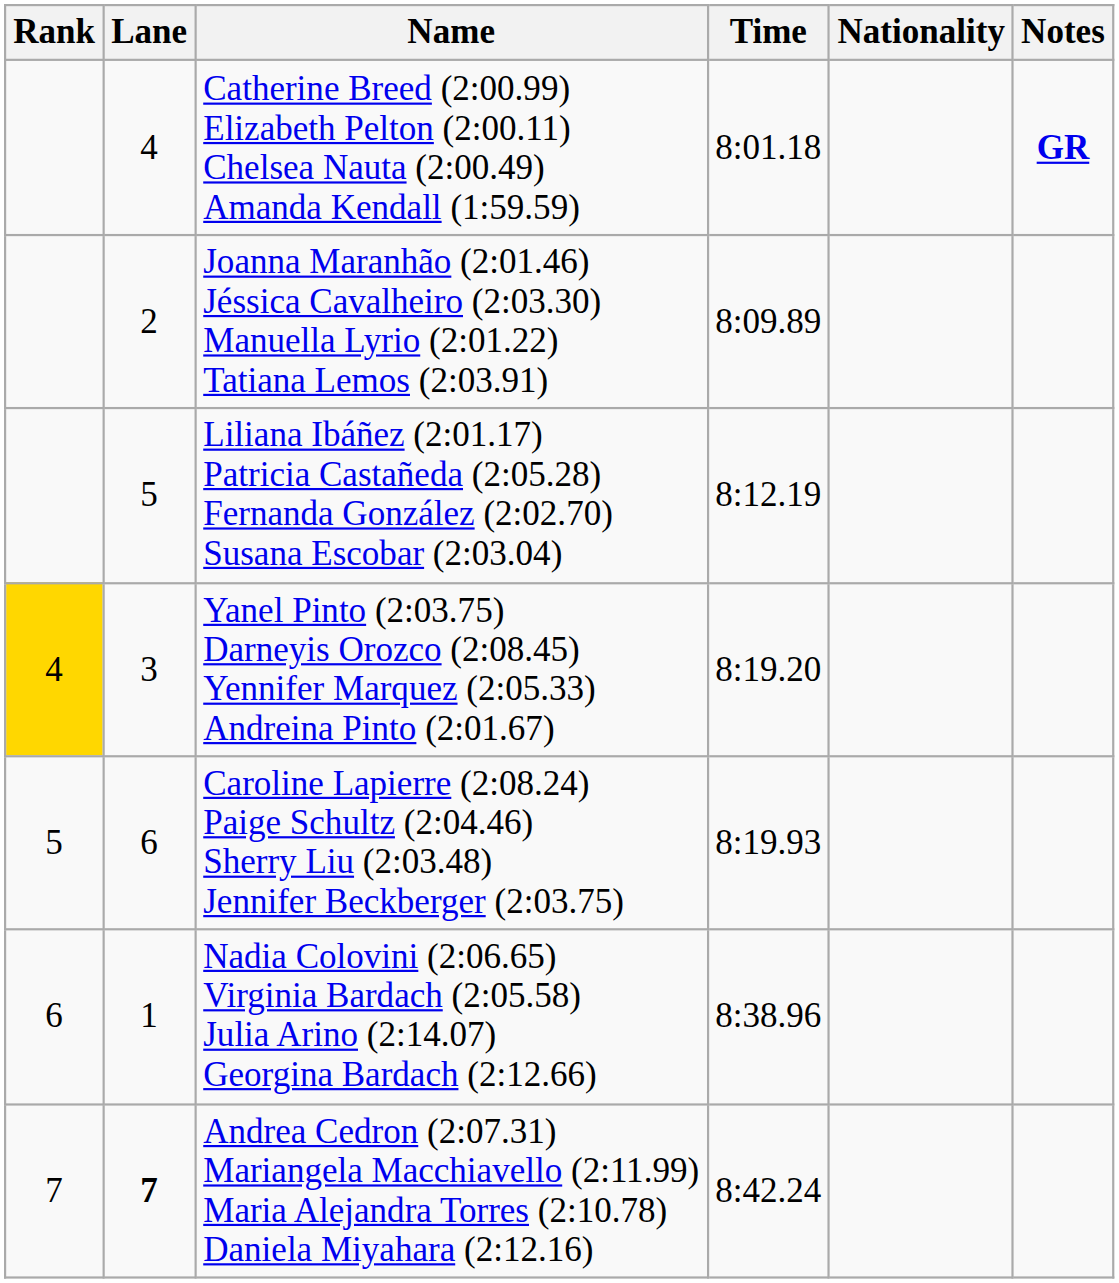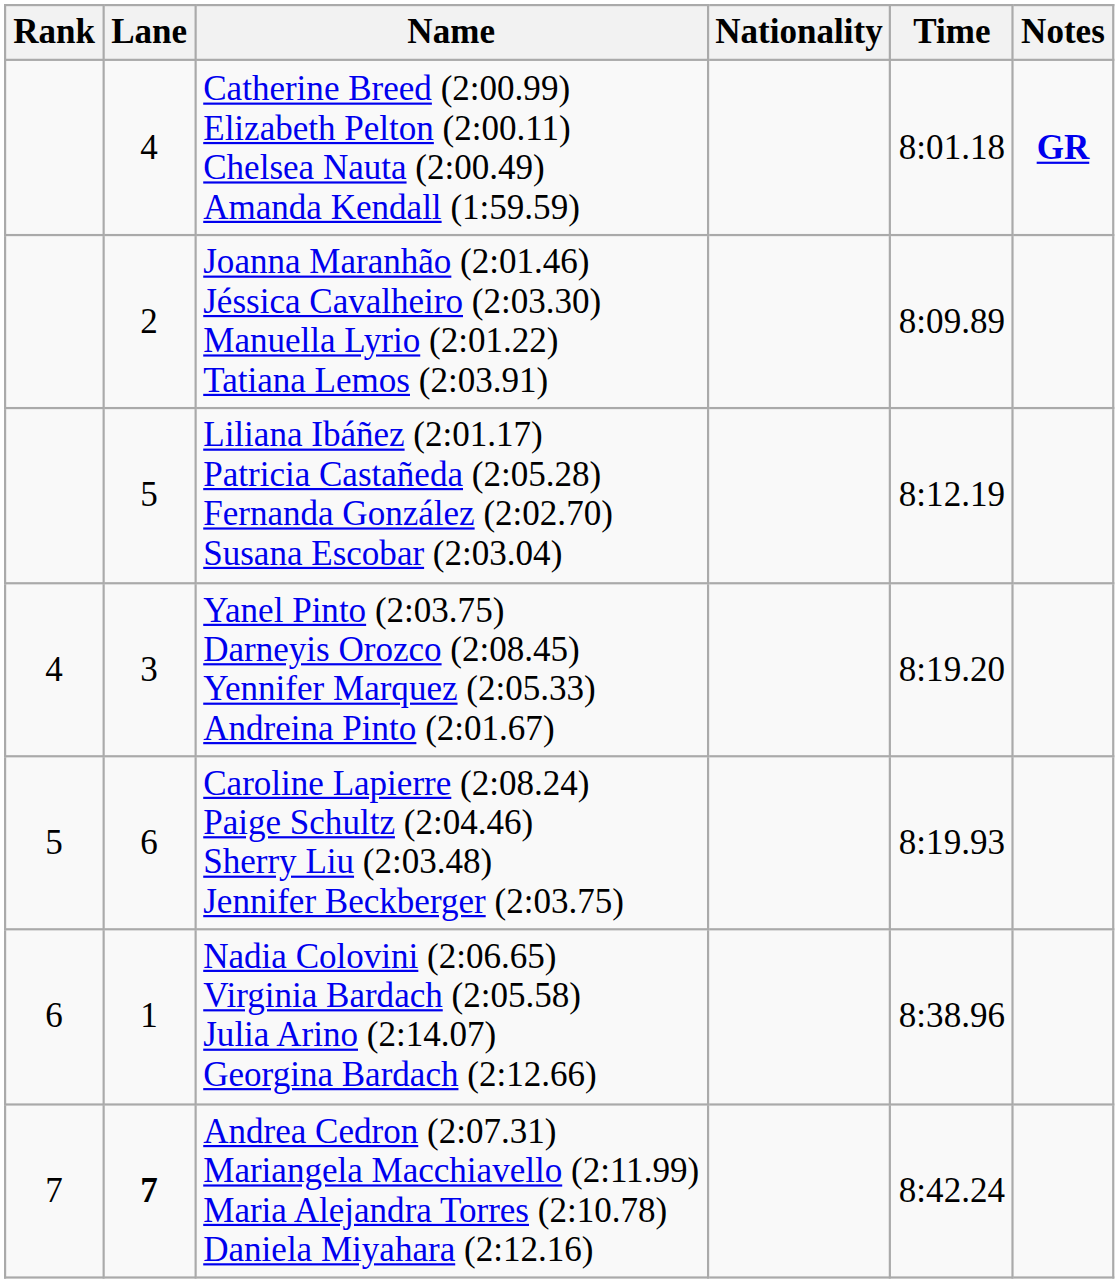 <table class="wikitable sortable" style="text-align:center">
 <tr>
 <th>Rank</th>
 <th>Lane</th>
 <th>Name</th>
+<th>Nationality</th>
 <th>Time</th>
-<th>Nationality</th>
 <th>Notes</th>
 </tr>
 <tr>
 <td></td>
 <td>4</td>
 <td align=left><a href='#'>Catherine Breed</a> (2:00.99)<br><a href='#'>Elizabeth Pelton</a> (2:00.11)<br><a href='#'>Chelsea Nauta</a> (2:00.49)<br><a href='#'>Amanda Kendall</a>  (1:59.59)</td>
+<td align=left></td>
 <td>8:01.18</td>
-<td align=left></td>
 <td><strong><a href='#'>GR</a></strong></td>
 </tr>
 <tr>
 <td></td>
 <td>2</td>
 <td align=left><a href='#'>Joanna Maranhão</a> (2:01.46)<br><a href='#'>Jéssica Cavalheiro</a> (2:03.30)<br><a href='#'>Manuella Lyrio</a> (2:01.22)<br><a href='#'>Tatiana Lemos</a> (2:03.91)</td>
+<td align=left></td>
 <td>8:09.89</td>
-<td align=left></td>
 <td></td>
 </tr>
 <tr>
 <td></td>
 <td>5</td>
 <td align=left><a href='#'>Liliana Ibáñez</a> (2:01.17)<br><a href='#'>Patricia Castañeda</a> (2:05.28)<br><a href='#'>Fernanda González</a> (2:02.70)<br><a href='#'>Susana Escobar</a> (2:03.04)</td>
+<td align=left></td>
 <td>8:12.19</td>
-<td align=left></td>
 <td></td>
 </tr>
 <tr>
-<td style="background: gold;">4</td>
+<td>4</td>
 <td>3</td>
 <td align=left><a href='#'>Yanel Pinto</a> (2:03.75)<br><a href='#'>Darneyis Orozco</a> (2:08.45)<br><a href='#'>Yennifer Marquez</a> (2:05.33)<br><a href='#'>Andreina Pinto</a> (2:01.67)</td>
+<td align=left></td>
 <td>8:19.20</td>
-<td align=left></td>
 <td></td>
 </tr>
 <tr>
 <td>5</td>
 <td>6</td>
 <td align=left><a href='#'>Caroline Lapierre</a> (2:08.24)<br><a href='#'>Paige Schultz</a> (2:04.46)<br><a href='#'>Sherry Liu</a> (2:03.48)<br><a href='#'>Jennifer Beckberger</a> (2:03.75)</td>
+<td align=left></td>
 <td>8:19.93</td>
-<td align=left></td>
 <td></td>
 </tr>
 <tr>
 <td>6</td>
 <td>1</td>
 <td align=left><a href='#'>Nadia Colovini</a> (2:06.65)<br><a href='#'>Virginia Bardach</a> (2:05.58)<br><a href='#'>Julia Arino</a> (2:14.07)<br><a href='#'>Georgina Bardach</a> (2:12.66)</td>
+<td align=left></td>
 <td>8:38.96</td>
-<td align=left></td>
 <td></td>
 </tr>
 <tr>
 <td>7</td>
 <td><strong>7</strong></td>
 <td align=left><a href='#'>Andrea Cedron</a> (2:07.31)<br><a href='#'>Mariangela Macchiavello</a> (2:11.99)<br><a href='#'>Maria Alejandra Torres</a> (2:10.78)<br><a href='#'>Daniela Miyahara</a> (2:12.16)</td>
+<td align=left></td>
 <td>8:42.24</td>
-<td align=left></td>
 <td></td>
 </tr>
 </table>
